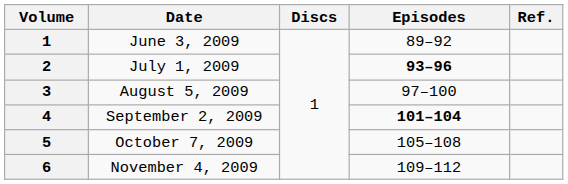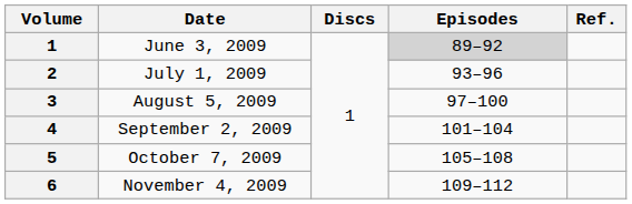 <table class="wikitable" style="text-align:center;">
 <tr>
 <th scope="col" style="width:5em;">Volume</th>
 <th scope="col" style="width:12em;">Date</th>
 <th scope="col" style="width:4em;">Discs</th>
 <th scope="col" style="width:10em;">Episodes</th>
 <th scope="col" style="width:3em;">Ref.</th>
 </tr>
 <tr>
 <th scope="row">1</th>
 <td>June 3, 2009</td>
 <td rowspan="6">1</td>
-<td>89–92</td>
+<td style="background: lightgrey;">89–92</td>
 <td></td>
 </tr>
 <tr>
 <th scope="row">2</th>
 <td>July 1, 2009</td>
-<td><strong>93–96</strong></td>
+<td>93–96</td>
 <td></td>
 </tr>
 <tr>
 <th scope="row">3</th>
 <td>August 5, 2009</td>
 <td>97–100</td>
 <td></td>
 </tr>
 <tr>
 <th scope="row">4</th>
 <td>September 2, 2009</td>
-<td><strong>101–104</strong></td>
+<td>101–104</td>
 <td></td>
 </tr>
 <tr>
 <th scope="row">5</th>
 <td>October 7, 2009</td>
 <td>105–108</td>
 <td></td>
 </tr>
 <tr>
 <th scope="row">6</th>
 <td>November 4, 2009</td>
 <td>109–112</td>
 <td></td>
 </tr>
 </table>
